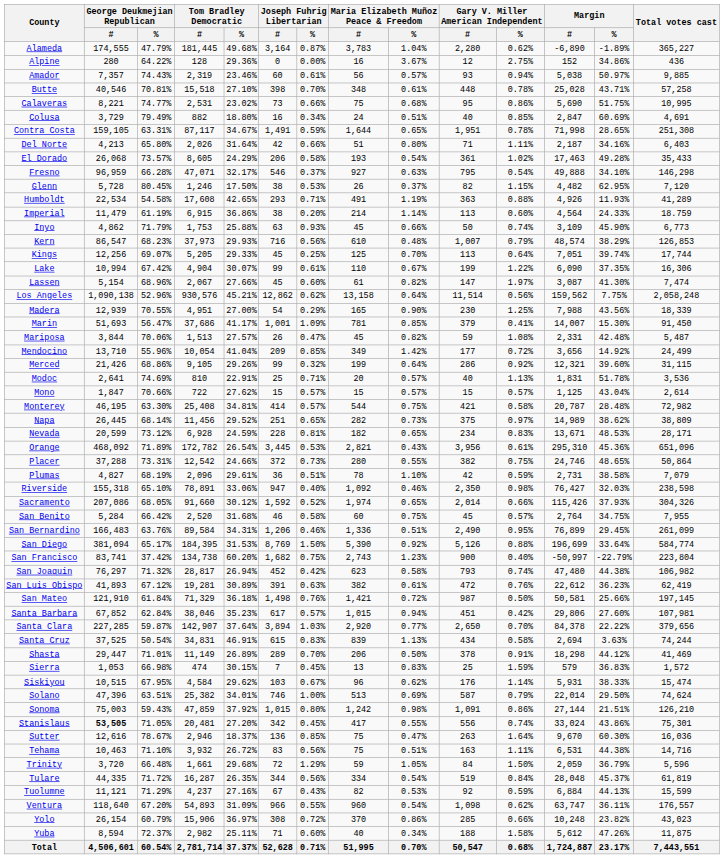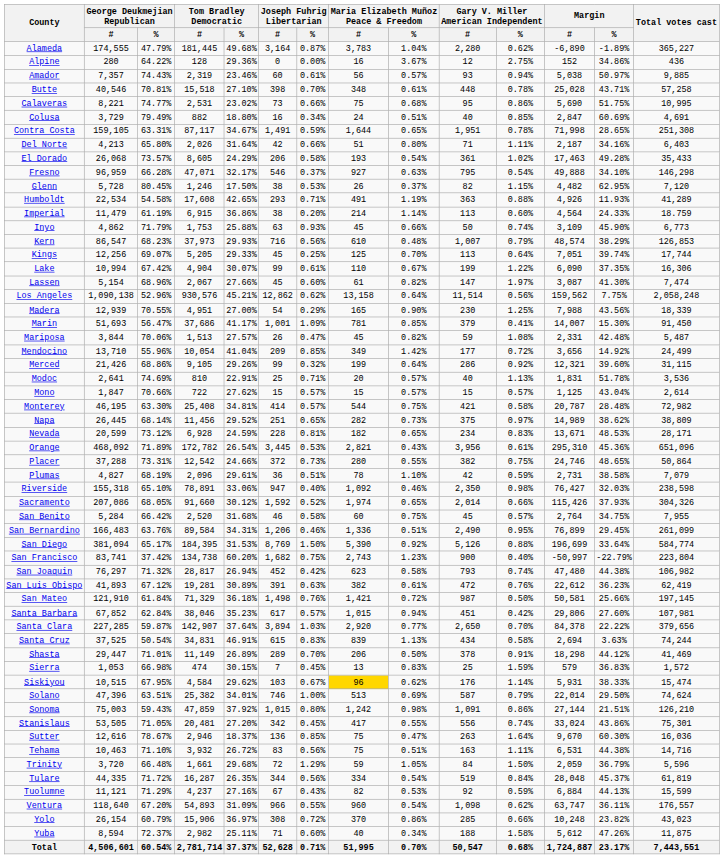 <table class="wikitable sortable" style="text-align:center">
 <tr>
 <th rowspan="2">County</th>
 <th style="text-align:center;" colspan="2">George Deukmejian<br>Republican</th>
 <th style="text-align:center;" colspan="2">Tom Bradley<br>Democratic</th>
 <th style="text-align:center;" colspan="2">Joseph Fuhrig<br>Libertarian</th>
 <th style="text-align:center;" colspan="2">Maria Elizabeth Muñoz<br>Peace & Freedom</th>
 <th style="text-align:center;" colspan="2">Gary V. Miller<br>American Independent</th>
 <th style="text-align:center;" colspan="2">Margin</th>
 <th style="text-align:center;" rowspan="2">Total votes cast</th>
 </tr>
 <tr>
 <th style="text-align:center;" data-sort-type="number">#</th>
 <th style="text-align:center;" data-sort-type="number">%</th>
 <th style="text-align:center;" data-sort-type="number">#</th>
 <th style="text-align:center;" data-sort-type="number">%</th>
 <th style="text-align:center;" data-sort-type="number">#</th>
 <th style="text-align:center;" data-sort-type="number">%</th>
 <th style="text-align:center;" data-sort-type="number">#</th>
 <th style="text-align:center;" data-sort-type="number">%</th>
 <th style="text-align:center;" data-sort-type="number">#</th>
 <th style="text-align:center;" data-sort-type="number">%</th>
 <th style="text-align:center;" data-sort-type="number">#</th>
 <th style="text-align:center;" data-sort-type="number">%</th>
 </tr>
 <tr style="text-align:center;">
 <td><a href='#'>Alameda</a></td>
 <td>174,555</td>
 <td>47.79%</td>
 <td>181,445</td>
 <td>49.68%</td>
 <td>3,164</td>
 <td>0.87%</td>
 <td>3,783</td>
 <td>1.04%</td>
 <td>2,280</td>
 <td>0.62%</td>
 <td>-6,890</td>
 <td>-1.89%</td>
 <td>365,227</td>
 </tr>
 <tr style="text-align:center;">
 <td><a href='#'>Alpine</a></td>
 <td>280</td>
 <td>64.22%</td>
 <td>128</td>
 <td>29.36%</td>
 <td>0</td>
 <td>0.00%</td>
 <td>16</td>
 <td>3.67%</td>
 <td>12</td>
 <td>2.75%</td>
 <td>152</td>
 <td>34.86%</td>
 <td>436</td>
 </tr>
 <tr style="text-align:center;">
 <td><a href='#'>Amador</a></td>
 <td>7,357</td>
 <td>74.43%</td>
 <td>2,319</td>
 <td>23.46%</td>
 <td>60</td>
 <td>0.61%</td>
 <td>56</td>
 <td>0.57%</td>
 <td>93</td>
 <td>0.94%</td>
 <td>5,038</td>
 <td>50.97%</td>
 <td>9,885</td>
 </tr>
 <tr style="text-align:center;">
 <td><a href='#'>Butte</a></td>
 <td>40,546</td>
 <td>70.81%</td>
 <td>15,518</td>
 <td>27.10%</td>
 <td>398</td>
 <td>0.70%</td>
 <td>348</td>
 <td>0.61%</td>
 <td>448</td>
 <td>0.78%</td>
 <td>25,028</td>
 <td>43.71%</td>
 <td>57,258</td>
 </tr>
 <tr style="text-align:center;">
 <td><a href='#'>Calaveras</a></td>
 <td>8,221</td>
 <td>74.77%</td>
 <td>2,531</td>
 <td>23.02%</td>
 <td>73</td>
 <td>0.66%</td>
 <td>75</td>
 <td>0.68%</td>
 <td>95</td>
 <td>0.86%</td>
 <td>5,690</td>
 <td>51.75%</td>
 <td>10,995</td>
 </tr>
 <tr style="text-align:center;">
 <td><a href='#'>Colusa</a></td>
 <td>3,729</td>
 <td>79.49%</td>
 <td>882</td>
 <td>18.80%</td>
 <td>16</td>
 <td>0.34%</td>
 <td>24</td>
 <td>0.51%</td>
 <td>40</td>
 <td>0.85%</td>
 <td>2,847</td>
 <td>60.69%</td>
 <td>4,691</td>
 </tr>
 <tr style="text-align:center;">
 <td><a href='#'>Contra Costa</a></td>
 <td>159,105</td>
 <td>63.31%</td>
 <td>87,117</td>
 <td>34.67%</td>
 <td>1,491</td>
 <td>0.59%</td>
 <td>1,644</td>
 <td>0.65%</td>
 <td>1,951</td>
 <td>0.78%</td>
 <td>71,998</td>
 <td>28.65%</td>
 <td>251,308</td>
 </tr>
 <tr style="text-align:center;">
 <td><a href='#'>Del Norte</a></td>
 <td>4,213</td>
 <td>65.80%</td>
 <td>2,026</td>
 <td>31.64%</td>
 <td>42</td>
 <td>0.66%</td>
 <td>51</td>
 <td>0.80%</td>
 <td>71</td>
 <td>1.11%</td>
 <td>2,187</td>
 <td>34.16%</td>
 <td>6,403</td>
 </tr>
 <tr style="text-align:center;">
 <td><a href='#'>El Dorado</a></td>
 <td>26,068</td>
 <td>73.57%</td>
 <td>8,605</td>
 <td>24.29%</td>
 <td>206</td>
 <td>0.58%</td>
 <td>193</td>
 <td>0.54%</td>
 <td>361</td>
 <td>1.02%</td>
 <td>17,463</td>
 <td>49.28%</td>
 <td>35,433</td>
 </tr>
 <tr style="text-align:center;">
 <td><a href='#'>Fresno</a></td>
 <td>96,959</td>
 <td>66.28%</td>
 <td>47,071</td>
 <td>32.17%</td>
 <td>546</td>
 <td>0.37%</td>
 <td>927</td>
 <td>0.63%</td>
 <td>795</td>
 <td>0.54%</td>
 <td>49,888</td>
 <td>34.10%</td>
 <td>146,298</td>
 </tr>
 <tr style="text-align:center;">
 <td><a href='#'>Glenn</a></td>
 <td>5,728</td>
 <td>80.45%</td>
 <td>1,246</td>
 <td>17.50%</td>
 <td>38</td>
 <td>0.53%</td>
 <td>26</td>
 <td>0.37%</td>
 <td>82</td>
 <td>1.15%</td>
 <td>4,482</td>
 <td>62.95%</td>
 <td>7,120</td>
 </tr>
 <tr style="text-align:center;">
 <td><a href='#'>Humboldt</a></td>
 <td>22,534</td>
 <td>54.58%</td>
 <td>17,608</td>
 <td>42.65%</td>
 <td>293</td>
 <td>0.71%</td>
 <td>491</td>
 <td>1.19%</td>
 <td>363</td>
 <td>0.88%</td>
 <td>4,926</td>
 <td>11.93%</td>
 <td>41,289</td>
 </tr>
 <tr style="text-align:center;">
 <td><a href='#'>Imperial</a></td>
 <td>11,479</td>
 <td>61.19%</td>
 <td>6,915</td>
 <td>36.86%</td>
 <td>38</td>
 <td>0.20%</td>
 <td>214</td>
 <td>1.14%</td>
 <td>113</td>
 <td>0.60%</td>
 <td>4,564</td>
 <td>24.33%</td>
 <td>18.759</td>
 </tr>
 <tr style="text-align:center;">
 <td><a href='#'>Inyo</a></td>
 <td>4,862</td>
 <td>71.79%</td>
 <td>1,753</td>
 <td>25.88%</td>
 <td>63</td>
 <td>0.93%</td>
 <td>45</td>
 <td>0.66%</td>
 <td>50</td>
 <td>0.74%</td>
 <td>3,109</td>
 <td>45.90%</td>
 <td>6,773</td>
 </tr>
 <tr style="text-align:center;">
 <td><a href='#'>Kern</a></td>
 <td>86,547</td>
 <td>68.23%</td>
 <td>37,973</td>
 <td>29.93%</td>
 <td>716</td>
 <td>0.56%</td>
 <td>610</td>
 <td>0.48%</td>
 <td>1,007</td>
 <td>0.79%</td>
 <td>48,574</td>
 <td>38.29%</td>
 <td>126,853</td>
 </tr>
 <tr style="text-align:center;">
 <td><a href='#'>Kings</a></td>
 <td>12,256</td>
 <td>69.07%</td>
 <td>5,205</td>
 <td>29.33%</td>
 <td>45</td>
 <td>0.25%</td>
 <td>125</td>
 <td>0.70%</td>
 <td>113</td>
 <td>0.64%</td>
 <td>7,051</td>
 <td>39.74%</td>
 <td>17,744</td>
 </tr>
 <tr style="text-align:center;">
 <td><a href='#'>Lake</a></td>
 <td>10,994</td>
 <td>67.42%</td>
 <td>4,904</td>
 <td>30.07%</td>
 <td>99</td>
 <td>0.61%</td>
 <td>110</td>
 <td>0.67%</td>
 <td>199</td>
 <td>1.22%</td>
 <td>6,090</td>
 <td>37.35%</td>
 <td>16,306</td>
 </tr>
 <tr style="text-align:center;">
 <td><a href='#'>Lassen</a></td>
 <td>5,154</td>
 <td>68.96%</td>
 <td>2,067</td>
 <td>27.66%</td>
 <td>45</td>
 <td>0.60%</td>
 <td>61</td>
 <td>0.82%</td>
 <td>147</td>
 <td>1.97%</td>
 <td>3,087</td>
 <td>41.30%</td>
 <td>7,474</td>
 </tr>
 <tr style="text-align:center;">
 <td><a href='#'>Los Angeles</a></td>
 <td>1,090,138</td>
 <td>52.96%</td>
 <td>930,576</td>
 <td>45.21%</td>
 <td>12,862</td>
 <td>0.62%</td>
 <td>13,158</td>
 <td>0.64%</td>
 <td>11,514</td>
 <td>0.56%</td>
 <td>159,562</td>
 <td>7.75%</td>
 <td>2,058,248</td>
 </tr>
 <tr style="text-align:center;">
 <td><a href='#'>Madera</a></td>
 <td>12,939</td>
 <td>70.55%</td>
 <td>4,951</td>
 <td>27.00%</td>
 <td>54</td>
 <td>0.29%</td>
 <td>165</td>
 <td>0.90%</td>
 <td>230</td>
 <td>1.25%</td>
 <td>7,988</td>
 <td>43.56%</td>
 <td>18,339</td>
 </tr>
 <tr style="text-align:center;">
 <td><a href='#'>Marin</a></td>
 <td>51,693</td>
 <td>56.47%</td>
 <td>37,686</td>
 <td>41.17%</td>
 <td>1,001</td>
 <td>1.09%</td>
 <td>781</td>
 <td>0.85%</td>
 <td>379</td>
 <td>0.41%</td>
 <td>14,007</td>
 <td>15.30%</td>
 <td>91,450</td>
 </tr>
 <tr style="text-align:center;">
 <td><a href='#'>Mariposa</a></td>
 <td>3,844</td>
 <td>70.06%</td>
 <td>1,513</td>
 <td>27.57%</td>
 <td>26</td>
 <td>0.47%</td>
 <td>45</td>
 <td>0.82%</td>
 <td>59</td>
 <td>1.08%</td>
 <td>2,331</td>
 <td>42.48%</td>
 <td>5,487</td>
 </tr>
 <tr style="text-align:center;">
 <td><a href='#'>Mendocino</a></td>
 <td>13,710</td>
 <td>55.96%</td>
 <td>10,054</td>
 <td>41.04%</td>
 <td>209</td>
 <td>0.85%</td>
 <td>349</td>
 <td>1.42%</td>
 <td>177</td>
 <td>0.72%</td>
 <td>3,656</td>
 <td>14.92%</td>
 <td>24,499</td>
 </tr>
 <tr style="text-align:center;">
 <td><a href='#'>Merced</a></td>
 <td>21,426</td>
 <td>68.86%</td>
 <td>9,105</td>
 <td>29.26%</td>
 <td>99</td>
 <td>0.32%</td>
 <td>199</td>
 <td>0.64%</td>
 <td>286</td>
 <td>0.92%</td>
 <td>12,321</td>
 <td>39.60%</td>
 <td>31,115</td>
 </tr>
 <tr style="text-align:center;">
 <td><a href='#'>Modoc</a></td>
 <td>2,641</td>
 <td>74.69%</td>
 <td>810</td>
 <td>22.91%</td>
 <td>25</td>
 <td>0.71%</td>
 <td>20</td>
 <td>0.57%</td>
 <td>40</td>
 <td>1.13%</td>
 <td>1,831</td>
 <td>51.78%</td>
 <td>3,536</td>
 </tr>
 <tr style="text-align:center;">
 <td><a href='#'>Mono</a></td>
 <td>1,847</td>
 <td>70.66%</td>
 <td>722</td>
 <td>27.62%</td>
 <td>15</td>
 <td>0.57%</td>
 <td>15</td>
 <td>0.57%</td>
 <td>15</td>
 <td>0.57%</td>
 <td>1,125</td>
 <td>43.04%</td>
 <td>2,614</td>
 </tr>
 <tr style="text-align:center;">
 <td><a href='#'>Monterey</a></td>
 <td>46,195</td>
 <td>63.30%</td>
 <td>25,408</td>
 <td>34.81%</td>
 <td>414</td>
 <td>0.57%</td>
 <td>544</td>
 <td>0.75%</td>
 <td>421</td>
 <td>0.58%</td>
 <td>20,787</td>
 <td>28.48%</td>
 <td>72,982</td>
 </tr>
 <tr style="text-align:center;">
 <td><a href='#'>Napa</a></td>
 <td>26,445</td>
 <td>68.14%</td>
 <td>11,456</td>
 <td>29.52%</td>
 <td>251</td>
 <td>0.65%</td>
 <td>282</td>
 <td>0.73%</td>
 <td>375</td>
 <td>0.97%</td>
 <td>14,989</td>
 <td>38.62%</td>
 <td>38,809</td>
 </tr>
 <tr style="text-align:center;">
 <td><a href='#'>Nevada</a></td>
 <td>20,599</td>
 <td>73.12%</td>
 <td>6,928</td>
 <td>24.59%</td>
 <td>228</td>
 <td>0.81%</td>
 <td>182</td>
 <td>0.65%</td>
 <td>234</td>
 <td>0.83%</td>
 <td>13,671</td>
 <td>48.53%</td>
 <td>28,171</td>
 </tr>
 <tr style="text-align:center;">
 <td><a href='#'>Orange</a></td>
 <td>468,092</td>
 <td>71.89%</td>
 <td>172,782</td>
 <td>26.54%</td>
 <td>3,445</td>
 <td>0.53%</td>
 <td>2,821</td>
 <td>0.43%</td>
 <td>3,956</td>
 <td>0.61%</td>
 <td>295,310</td>
 <td>45.36%</td>
 <td>651,096</td>
 </tr>
 <tr style="text-align:center;">
 <td><a href='#'>Placer</a></td>
 <td>37,288</td>
 <td>73.31%</td>
 <td>12,542</td>
 <td>24.66%</td>
 <td>372</td>
 <td>0.73%</td>
 <td>280</td>
 <td>0.55%</td>
 <td>382</td>
 <td>0.75%</td>
 <td>24,746</td>
 <td>48.65%</td>
 <td>50,864</td>
 </tr>
 <tr style="text-align:center;">
 <td><a href='#'>Plumas</a></td>
 <td>4,827</td>
 <td>68.19%</td>
 <td>2,096</td>
 <td>29.61%</td>
 <td>36</td>
 <td>0.51%</td>
 <td>78</td>
 <td>1.10%</td>
 <td>42</td>
 <td>0.59%</td>
 <td>2,731</td>
 <td>38.58%</td>
 <td>7,079</td>
 </tr>
 <tr style="text-align:center;">
 <td><a href='#'>Riverside</a></td>
 <td>155,318</td>
 <td>65.10%</td>
 <td>78,891</td>
 <td>33.06%</td>
 <td>947</td>
 <td>0.40%</td>
 <td>1,092</td>
 <td>0.46%</td>
 <td>2,350</td>
 <td>0.98%</td>
 <td>76,427</td>
 <td>32.03%</td>
 <td>238,598</td>
 </tr>
 <tr style="text-align:center;">
 <td><a href='#'>Sacramento</a></td>
 <td>207,086</td>
 <td>68.05%</td>
 <td>91,660</td>
 <td>30.12%</td>
 <td>1,592</td>
 <td>0.52%</td>
 <td>1,974</td>
 <td>0.65%</td>
 <td>2,014</td>
 <td>0.66%</td>
 <td>115,426</td>
 <td>37.93%</td>
 <td>304,326</td>
 </tr>
 <tr style="text-align:center;">
 <td><a href='#'>San Benito</a></td>
 <td>5,284</td>
 <td>66.42%</td>
 <td>2,520</td>
 <td>31.68%</td>
 <td>46</td>
 <td>0.58%</td>
 <td>60</td>
 <td>0.75%</td>
 <td>45</td>
 <td>0.57%</td>
 <td>2,764</td>
 <td>34.75%</td>
 <td>7,955</td>
 </tr>
 <tr style="text-align:center;">
 <td><a href='#'>San Bernardino</a></td>
 <td>166,483</td>
 <td>63.76%</td>
 <td>89,584</td>
 <td>34.31%</td>
 <td>1,206</td>
 <td>0.46%</td>
 <td>1,336</td>
 <td>0.51%</td>
 <td>2,490</td>
 <td>0.95%</td>
 <td>76,899</td>
 <td>29.45%</td>
 <td>261,099</td>
 </tr>
 <tr style="text-align:center;">
 <td><a href='#'>San Diego</a></td>
 <td>381,094</td>
 <td>65.17%</td>
 <td>184,395</td>
 <td>31.53%</td>
 <td>8,769</td>
 <td>1.50%</td>
 <td>5,390</td>
 <td>0.92%</td>
 <td>5,126</td>
 <td>0.88%</td>
 <td>196,699</td>
 <td>33.64%</td>
 <td>584,774</td>
 </tr>
 <tr style="text-align:center;">
 <td><a href='#'>San Francisco</a></td>
 <td>83,741</td>
 <td>37.42%</td>
 <td>134,738</td>
 <td>60.20%</td>
 <td>1,682</td>
 <td>0.75%</td>
 <td>2,743</td>
 <td>1.23%</td>
 <td>900</td>
 <td>0.40%</td>
 <td>-50,997</td>
 <td>-22.79%</td>
 <td>223,804</td>
 </tr>
 <tr style="text-align:center;">
 <td><a href='#'>San Joaquin</a></td>
 <td>76,297</td>
 <td>71.32%</td>
 <td>28,817</td>
 <td>26.94%</td>
 <td>452</td>
 <td>0.42%</td>
 <td>623</td>
 <td>0.58%</td>
 <td>793</td>
 <td>0.74%</td>
 <td>47,480</td>
 <td>44.38%</td>
 <td>106,982</td>
 </tr>
 <tr style="text-align:center;">
 <td><a href='#'>San Luis Obispo</a></td>
 <td>41,893</td>
 <td>67.12%</td>
 <td>19,281</td>
 <td>30.89%</td>
 <td>391</td>
 <td>0.63%</td>
 <td>382</td>
 <td>0.61%</td>
 <td>472</td>
 <td>0.76%</td>
 <td>22,612</td>
 <td>36.23%</td>
 <td>62,419</td>
 </tr>
 <tr style="text-align:center;">
 <td><a href='#'>San Mateo</a></td>
 <td>121,910</td>
 <td>61.84%</td>
 <td>71,329</td>
 <td>36.18%</td>
 <td>1,498</td>
 <td>0.76%</td>
 <td>1,421</td>
 <td>0.72%</td>
 <td>987</td>
 <td>0.50%</td>
 <td>50,581</td>
 <td>25.66%</td>
 <td>197,145</td>
 </tr>
 <tr style="text-align:center;">
 <td><a href='#'>Santa Barbara</a></td>
 <td>67,852</td>
 <td>62.84%</td>
 <td>38,046</td>
 <td>35.23%</td>
 <td>617</td>
 <td>0.57%</td>
 <td>1,015</td>
 <td>0.94%</td>
 <td>451</td>
 <td>0.42%</td>
 <td>29,806</td>
 <td>27.60%</td>
 <td>107,981</td>
 </tr>
 <tr style="text-align:center;">
 <td><a href='#'>Santa Clara</a></td>
 <td>227,285</td>
 <td>59.87%</td>
 <td>142,907</td>
 <td>37.64%</td>
 <td>3,894</td>
 <td>1.03%</td>
 <td>2,920</td>
 <td>0.77%</td>
 <td>2,650</td>
 <td>0.70%</td>
 <td>84,378</td>
 <td>22.22%</td>
 <td>379,656</td>
 </tr>
 <tr style="text-align:center;">
 <td><a href='#'>Santa Cruz</a></td>
 <td>37,525</td>
 <td>50.54%</td>
 <td>34,831</td>
 <td>46.91%</td>
 <td>615</td>
 <td>0.83%</td>
 <td>839</td>
 <td>1.13%</td>
 <td>434</td>
 <td>0.58%</td>
 <td>2,694</td>
 <td>3.63%</td>
 <td>74,244</td>
 </tr>
 <tr style="text-align:center;">
 <td><a href='#'>Shasta</a></td>
 <td>29,447</td>
 <td>71.01%</td>
 <td>11,149</td>
 <td>26.89%</td>
 <td>289</td>
 <td>0.70%</td>
 <td>206</td>
 <td>0.50%</td>
 <td>378</td>
 <td>0.91%</td>
 <td>18,298</td>
 <td>44.12%</td>
 <td>41,469</td>
 </tr>
 <tr style="text-align:center;">
 <td><a href='#'>Sierra</a></td>
 <td>1,053</td>
 <td>66.98%</td>
 <td>474</td>
 <td>30.15%</td>
 <td>7</td>
 <td>0.45%</td>
 <td>13</td>
 <td>0.83%</td>
 <td>25</td>
 <td>1.59%</td>
 <td>579</td>
 <td>36.83%</td>
 <td>1,572</td>
 </tr>
 <tr style="text-align:center;">
 <td><a href='#'>Siskiyou</a></td>
 <td>10,515</td>
 <td>67.95%</td>
 <td>4,584</td>
 <td>29.62%</td>
 <td>103</td>
 <td>0.67%</td>
-<td>96</td>
+<td style="background: gold;">96</td>
 <td>0.62%</td>
 <td>176</td>
 <td>1.14%</td>
 <td>5,931</td>
 <td>38.33%</td>
 <td>15,474</td>
 </tr>
 <tr style="text-align:center;">
 <td><a href='#'>Solano</a></td>
 <td>47,396</td>
 <td>63.51%</td>
 <td>25,382</td>
 <td>34.01%</td>
 <td>746</td>
 <td>1.00%</td>
 <td>513</td>
 <td>0.69%</td>
 <td>587</td>
 <td>0.79%</td>
 <td>22,014</td>
 <td>29.50%</td>
 <td>74,624</td>
 </tr>
 <tr style="text-align:center;">
 <td><a href='#'>Sonoma</a></td>
 <td>75,003</td>
 <td>59.43%</td>
 <td>47,859</td>
 <td>37.92%</td>
 <td>1,015</td>
 <td>0.80%</td>
 <td>1,242</td>
 <td>0.98%</td>
 <td>1,091</td>
 <td>0.86%</td>
 <td>27,144</td>
 <td>21.51%</td>
 <td>126,210</td>
 </tr>
 <tr style="text-align:center;">
 <td><a href='#'>Stanislaus</a></td>
-<td><strong>53,505</strong></td>
+<td>53,505</td>
 <td>71.05%</td>
 <td>20,481</td>
 <td>27.20%</td>
 <td>342</td>
 <td>0.45%</td>
 <td>417</td>
 <td>0.55%</td>
 <td>556</td>
 <td>0.74%</td>
 <td>33,024</td>
 <td>43.86%</td>
 <td>75,301</td>
 </tr>
 <tr style="text-align:center;">
 <td><a href='#'>Sutter</a></td>
 <td>12,616</td>
 <td>78.67%</td>
 <td>2,946</td>
 <td>18.37%</td>
 <td>136</td>
 <td>0.85%</td>
 <td>75</td>
 <td>0.47%</td>
 <td>263</td>
 <td>1.64%</td>
 <td>9,670</td>
 <td>60.30%</td>
 <td>16,036</td>
 </tr>
 <tr style="text-align:center;">
 <td><a href='#'>Tehama</a></td>
 <td>10,463</td>
 <td>71.10%</td>
 <td>3,932</td>
 <td>26.72%</td>
 <td>83</td>
 <td>0.56%</td>
 <td>75</td>
 <td>0.51%</td>
 <td>163</td>
 <td>1.11%</td>
 <td>6,531</td>
 <td>44.38%</td>
 <td>14,716</td>
 </tr>
 <tr style="text-align:center;">
 <td><a href='#'>Trinity</a></td>
 <td>3,720</td>
 <td>66.48%</td>
 <td>1,661</td>
 <td>29.68%</td>
 <td>72</td>
 <td>1.29%</td>
 <td>59</td>
 <td>1.05%</td>
 <td>84</td>
 <td>1.50%</td>
 <td>2,059</td>
 <td>36.79%</td>
 <td>5,596</td>
 </tr>
 <tr style="text-align:center;">
 <td><a href='#'>Tulare</a></td>
 <td>44,335</td>
 <td>71.72%</td>
 <td>16,287</td>
 <td>26.35%</td>
 <td>344</td>
 <td>0.56%</td>
 <td>334</td>
 <td>0.54%</td>
 <td>519</td>
 <td>0.84%</td>
 <td>28,048</td>
 <td>45.37%</td>
 <td>61,819</td>
 </tr>
 <tr style="text-align:center;">
 <td><a href='#'>Tuolumne</a></td>
 <td>11,121</td>
 <td>71.29%</td>
 <td>4,237</td>
 <td>27.16%</td>
 <td>67</td>
 <td>0.43%</td>
 <td>82</td>
 <td>0.53%</td>
 <td>92</td>
 <td>0.59%</td>
 <td>6,884</td>
 <td>44.13%</td>
 <td>15,599</td>
 </tr>
 <tr style="text-align:center;">
 <td><a href='#'>Ventura</a></td>
 <td>118,640</td>
 <td>67.20%</td>
 <td>54,893</td>
 <td>31.09%</td>
 <td>966</td>
 <td>0.55%</td>
 <td>960</td>
 <td>0.54%</td>
 <td>1,098</td>
 <td>0.62%</td>
 <td>63,747</td>
 <td>36.11%</td>
 <td>176,557</td>
 </tr>
 <tr style="text-align:center;">
 <td><a href='#'>Yolo</a></td>
 <td>26,154</td>
 <td>60.79%</td>
 <td>15,906</td>
 <td>36.97%</td>
 <td>308</td>
 <td>0.72%</td>
 <td>370</td>
 <td>0.86%</td>
 <td>285</td>
 <td>0.66%</td>
 <td>10,248</td>
 <td>23.82%</td>
 <td>43,023</td>
 </tr>
 <tr style="text-align:center;">
 <td><a href='#'>Yuba</a></td>
 <td>8,594</td>
 <td>72.37%</td>
 <td>2,982</td>
 <td>25.11%</td>
 <td>71</td>
 <td>0.60%</td>
 <td>40</td>
 <td>0.34%</td>
 <td>188</td>
 <td>1.58%</td>
 <td>5,612</td>
 <td>47.26%</td>
 <td>11,875</td>
 </tr>
 <tr style="text-align:center;">
 <th>Total</th>
 <th>4,506,601</th>
 <th>60.54%</th>
 <th>2,781,714</th>
 <th>37.37%</th>
 <th>52,628</th>
 <th>0.71%</th>
 <th>51,995</th>
 <th>0.70%</th>
 <th>50,547</th>
 <th>0.68%</th>
 <th>1,724,887</th>
 <th>23.17%</th>
 <th>7,443,551</th>
 </tr>
 </table>
